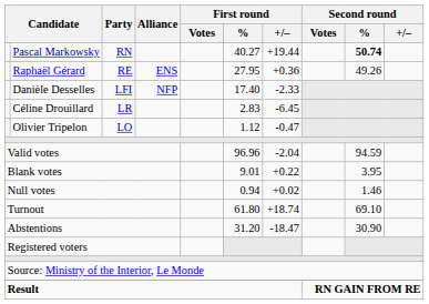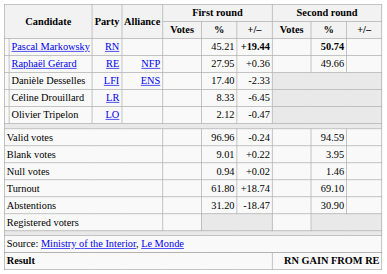 <table class="wikitable" style="text-align:right;font-size:95%;">
 <tr>
 <th rowspan="2" colspan="2">Candidate</th>
 <th rowspan="2">Party</th>
 <th rowspan="2">Alliance</th>
 <th colspan="3">First round</th>
 <th colspan="3">Second round</th>
 </tr>
 <tr>
 <th style="width:50px;">Votes</th>
 <th style="width:45px;">%</th>
 <th style="width:45px;">+/–</th>
 <th style="width:50px;">Votes</th>
 <th style="width:45px;">%</th>
 <th style="width:45px;">+/–</th>
 </tr>
 <tr>
 <td style="color:inherit;background:"></td>
 <td style="text-align:left;"><a href='#'>Pascal Markowsky</a></td>
 <td><a href='#'>RN</a></td>
 <td></td>
 <td></td>
-<td>40.27</td>
-<td>+19.44</td>
+<td>45.21</td>
+<td><strong>+19.44</strong></td>
 <td><strong></strong></td>
 <td><strong>50.74</strong></td>
 <td></td>
 </tr>
 <tr>
 <td style="color:inherit;background:"></td>
 <td style="text-align:left;"><a href='#'>Raphaël Gérard</a></td>
 <td><a href='#'>RE</a></td>
-<td><a href='#'>ENS</a></td>
+<td><a href='#'>NFP</a></td>
 <td></td>
 <td>27.95</td>
 <td>+0.36</td>
 <td></td>
-<td>49.26</td>
+<td>49.66</td>
 <td></td>
 </tr>
 <tr>
 <td style="color:inherit;background:"></td>
 <td style="text-align:left;">Danièle Desselles</td>
 <td><a href='#'>LFI</a></td>
-<td><a href='#'>NFP</a></td>
+<td><a href='#'>ENS</a></td>
 <td></td>
 <td>17.40</td>
 <td>-2.33</td>
 <td colspan="3" style="background:#E9E9E9;"></td>
 </tr>
 <tr>
 <td style="color:inherit;background:"></td>
 <td style="text-align:left;">Céline Drouillard</td>
 <td><a href='#'>LR</a></td>
 <td></td>
 <td></td>
-<td>2.83</td>
+<td>8.33</td>
 <td>-6.45</td>
 <td colspan="3" style="background:#E9E9E9;"></td>
 </tr>
 <tr>
 <td style="color:inherit;background:"></td>
 <td style="text-align:left;">Olivier Tripelon</td>
 <td><a href='#'>LO</a></td>
 <td></td>
 <td></td>
-<td>1.12</td>
+<td>2.12</td>
 <td>-0.47</td>
 <td colspan="3" style="background:#E9E9E9;"></td>
 </tr>
 <tr>
 <td colspan="10" style="background:#E9E9E9;"></td>
 </tr>
 <tr>
 <td colspan="4" style="text-align:left;">Valid votes</td>
 <td></td>
 <td>96.96</td>
-<td>-2.04</td>
+<td>-0.24</td>
 <td></td>
 <td>94.59</td>
 <td></td>
 </tr>
 <tr>
 <td colspan="4" style="text-align:left;">Blank votes</td>
 <td></td>
 <td>9.01</td>
 <td>+0.22</td>
 <td></td>
 <td>3.95</td>
 <td></td>
 </tr>
 <tr>
 <td colspan="4" style="text-align:left;">Null votes</td>
 <td></td>
 <td>0.94</td>
 <td>+0.02</td>
 <td></td>
 <td>1.46</td>
 <td></td>
 </tr>
 <tr>
 <td colspan="4" style="text-align:left;">Turnout</td>
 <td></td>
 <td>61.80</td>
 <td>+18.74</td>
 <td></td>
 <td>69.10</td>
 <td></td>
 </tr>
 <tr>
 <td colspan="4" style="text-align:left;">Abstentions</td>
 <td></td>
 <td>31.20</td>
 <td>-18.47</td>
 <td></td>
 <td>30.90</td>
 <td></td>
 </tr>
 <tr>
 <td colspan="4" style="text-align:left;">Registered voters</td>
 <td></td>
 <td colspan="2" style="background:#E9E9E9;"></td>
 <td></td>
 <td colspan="2" style="background:#E9E9E9;"></td>
 </tr>
 <tr>
 <td colspan="10" style="background:#E9E9E9;"></td>
 </tr>
 <tr>
 <td colspan="10" style="text-align:left;">Source: <a href='#'>Ministry of the Interior</a>, <a href='#'>Le Monde</a></td>
 </tr>
 <tr>
 </tr>
 <tr style="font-weight:bold">
 <td colspan="7" style="text-align:left;">Result</td>
 <td colspan="7" style="background-color:">RN GAIN FROM RE</td>
 </tr>
 </table>
